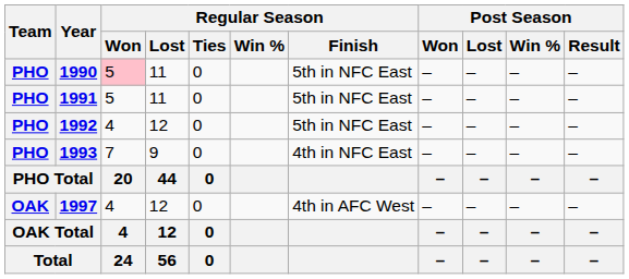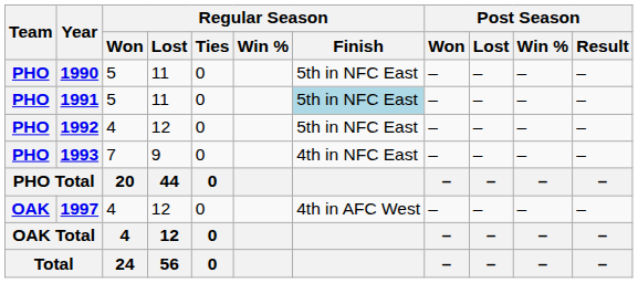 <table class="wikitable" text-align:center;">
 <tr>
 <th rowspan="2">Team</th>
 <th rowspan="2">Year</th>
 <th colspan="5">Regular Season</th>
 <th colspan="4">Post Season</th>
 </tr>
 <tr>
 <th>Won</th>
 <th>Lost</th>
 <th>Ties</th>
 <th>Win %</th>
 <th>Finish</th>
 <th>Won</th>
 <th>Lost</th>
 <th>Win %</th>
 <th>Result</th>
 </tr>
 <tr>
 <th><a href='#'>PHO</a></th>
 <th><a href='#'>1990</a></th>
-<td style="background: pink;">5</td>
+<td>5</td>
 <td>11</td>
 <td>0</td>
 <td></td>
 <td>5th in NFC East</td>
 <td>–</td>
 <td>–</td>
 <td>–</td>
 <td>–</td>
 </tr>
 <tr>
 <th><a href='#'>PHO</a></th>
 <th><a href='#'>1991</a></th>
 <td>5</td>
 <td>11</td>
 <td>0</td>
 <td></td>
-<td>5th in NFC East</td>
+<td style="background: lightblue;">5th in NFC East</td>
 <td>–</td>
 <td>–</td>
 <td>–</td>
 <td>–</td>
 </tr>
 <tr>
 <th><a href='#'>PHO</a></th>
 <th><a href='#'>1992</a></th>
 <td>4</td>
 <td>12</td>
 <td>0</td>
 <td></td>
 <td>5th in NFC East</td>
 <td>–</td>
 <td>–</td>
 <td>–</td>
 <td>–</td>
 </tr>
 <tr>
 <th><a href='#'>PHO</a></th>
 <th><a href='#'>1993</a></th>
 <td>7</td>
 <td>9</td>
 <td>0</td>
 <td></td>
 <td>4th in NFC East</td>
 <td>–</td>
 <td>–</td>
 <td>–</td>
 <td>–</td>
 </tr>
 <tr>
 <th colspan="2">PHO Total</th>
 <th>20</th>
 <th>44</th>
 <th>0</th>
 <th></th>
 <th></th>
 <th>–</th>
 <th>–</th>
 <th>–</th>
 <th>–</th>
 </tr>
 <tr>
 <th><a href='#'>OAK</a></th>
 <th><a href='#'>1997</a></th>
 <td>4</td>
 <td>12</td>
 <td>0</td>
 <td></td>
 <td>4th in AFC West</td>
 <td>–</td>
 <td>–</td>
 <td>–</td>
 <td>–</td>
 </tr>
 <tr>
 <th colspan="2">OAK Total</th>
 <th>4</th>
 <th>12</th>
 <th>0</th>
 <th></th>
 <th></th>
 <th>–</th>
 <th>–</th>
 <th>–</th>
 <th>–</th>
 </tr>
 <tr>
 <th colspan="2">Total</th>
 <th>24</th>
 <th>56</th>
 <th>0</th>
 <th></th>
 <th></th>
 <th>–</th>
 <th>–</th>
 <th>–</th>
 <th>–</th>
 </tr>
 </table>
